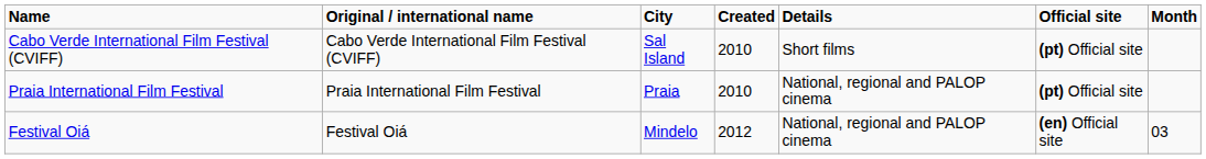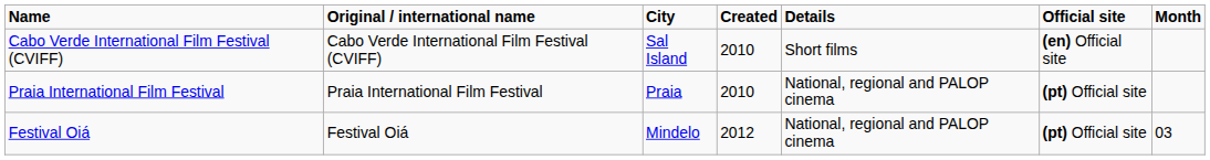 <table class="wikitable">
 <tr>
 <td><strong>Name</strong></td>
 <td><strong>Original / international name</strong></td>
 <td><strong>City</strong></td>
 <td><strong>Created</strong></td>
 <td><strong>Details</strong></td>
 <td><strong>Official site</strong></td>
 <td><strong>Month</strong></td>
 </tr>
 <tr>
 <td><a href='#'>Cabo Verde International Film Festival</a> (CVIFF)</td>
 <td>Cabo Verde International Film Festival (CVIFF)</td>
 <td><a href='#'>Sal Island</a></td>
 <td>2010</td>
 <td>Short films</td>
-<td><strong>(pt)</strong> Official site</td>
+<td><strong>(en)</strong> Official site</td>
 <td></td>
 </tr>
 <tr>
 <td><a href='#'>Praia International Film Festival</a></td>
 <td>Praia International Film Festival</td>
 <td><a href='#'>Praia</a></td>
 <td>2010</td>
 <td>National, regional and PALOP cinema</td>
 <td><strong>(pt)</strong> Official site</td>
 <td></td>
 </tr>
 <tr>
 <td><a href='#'>Festival Oiá</a></td>
 <td>Festival Oiá</td>
 <td><a href='#'>Mindelo</a></td>
 <td>2012</td>
 <td>National, regional and PALOP cinema</td>
-<td><strong>(en)</strong> Official site</td>
+<td><strong>(pt)</strong> Official site</td>
 <td>03</td>
 </tr>
 </table>
